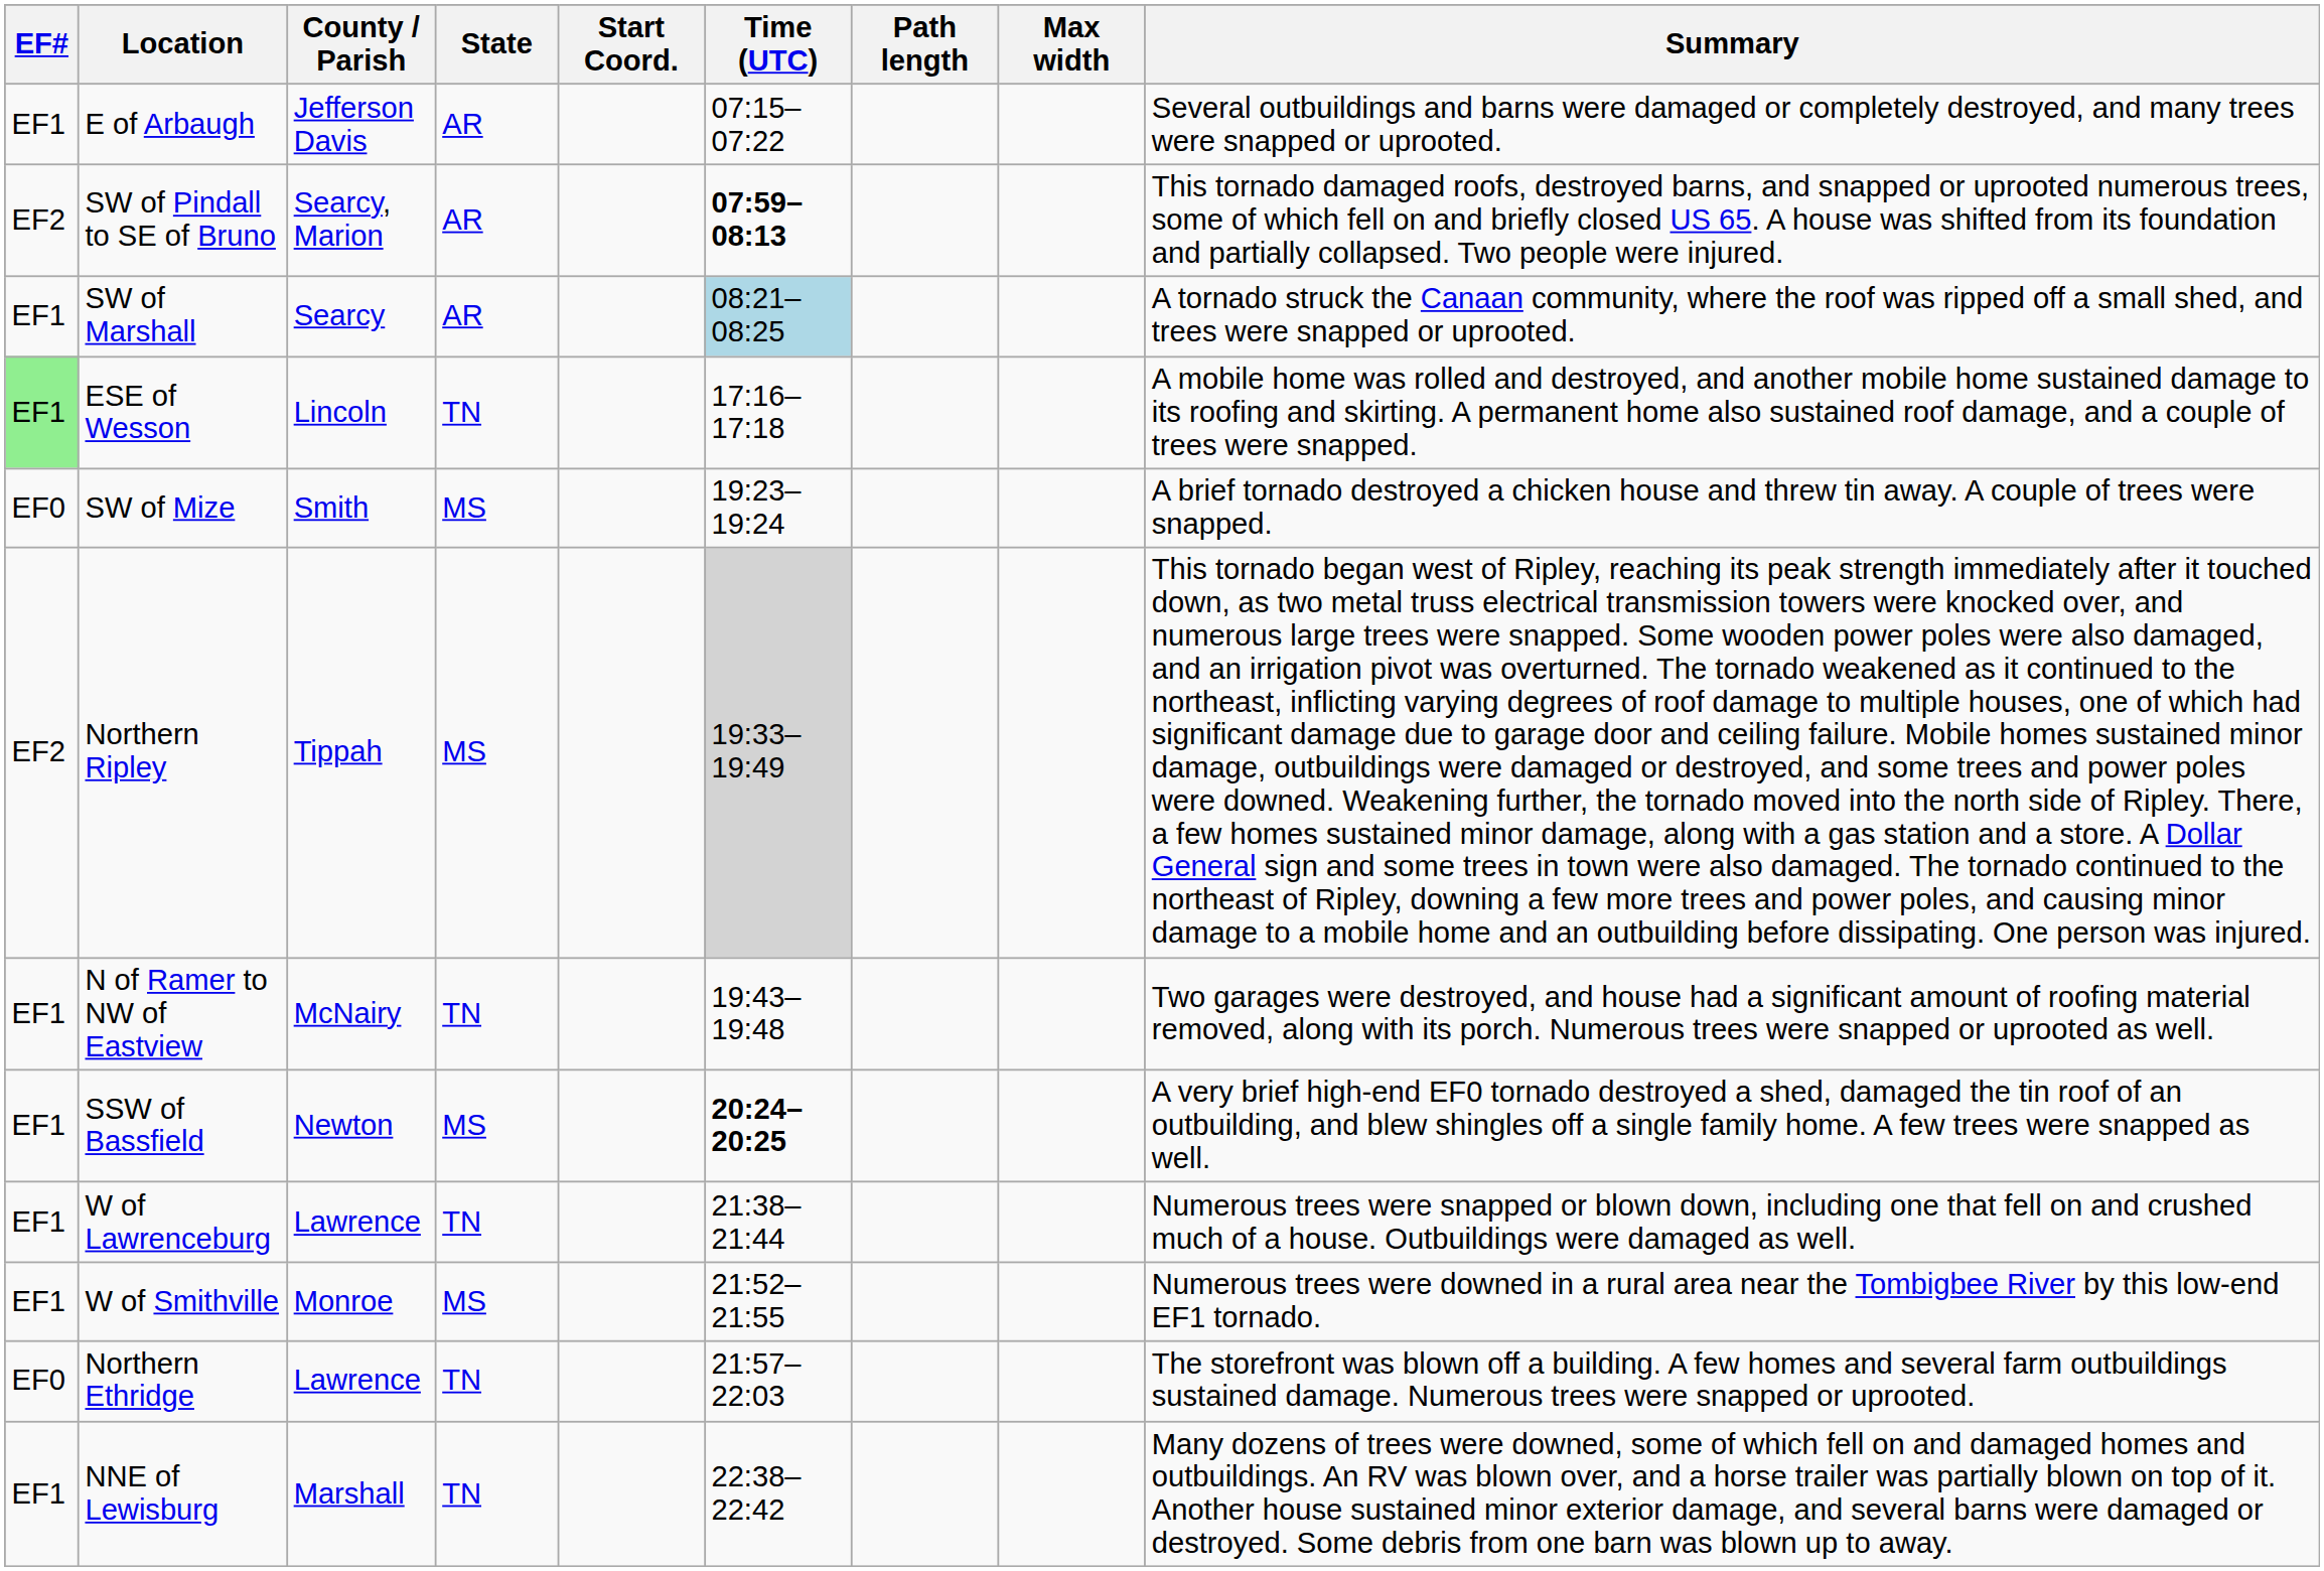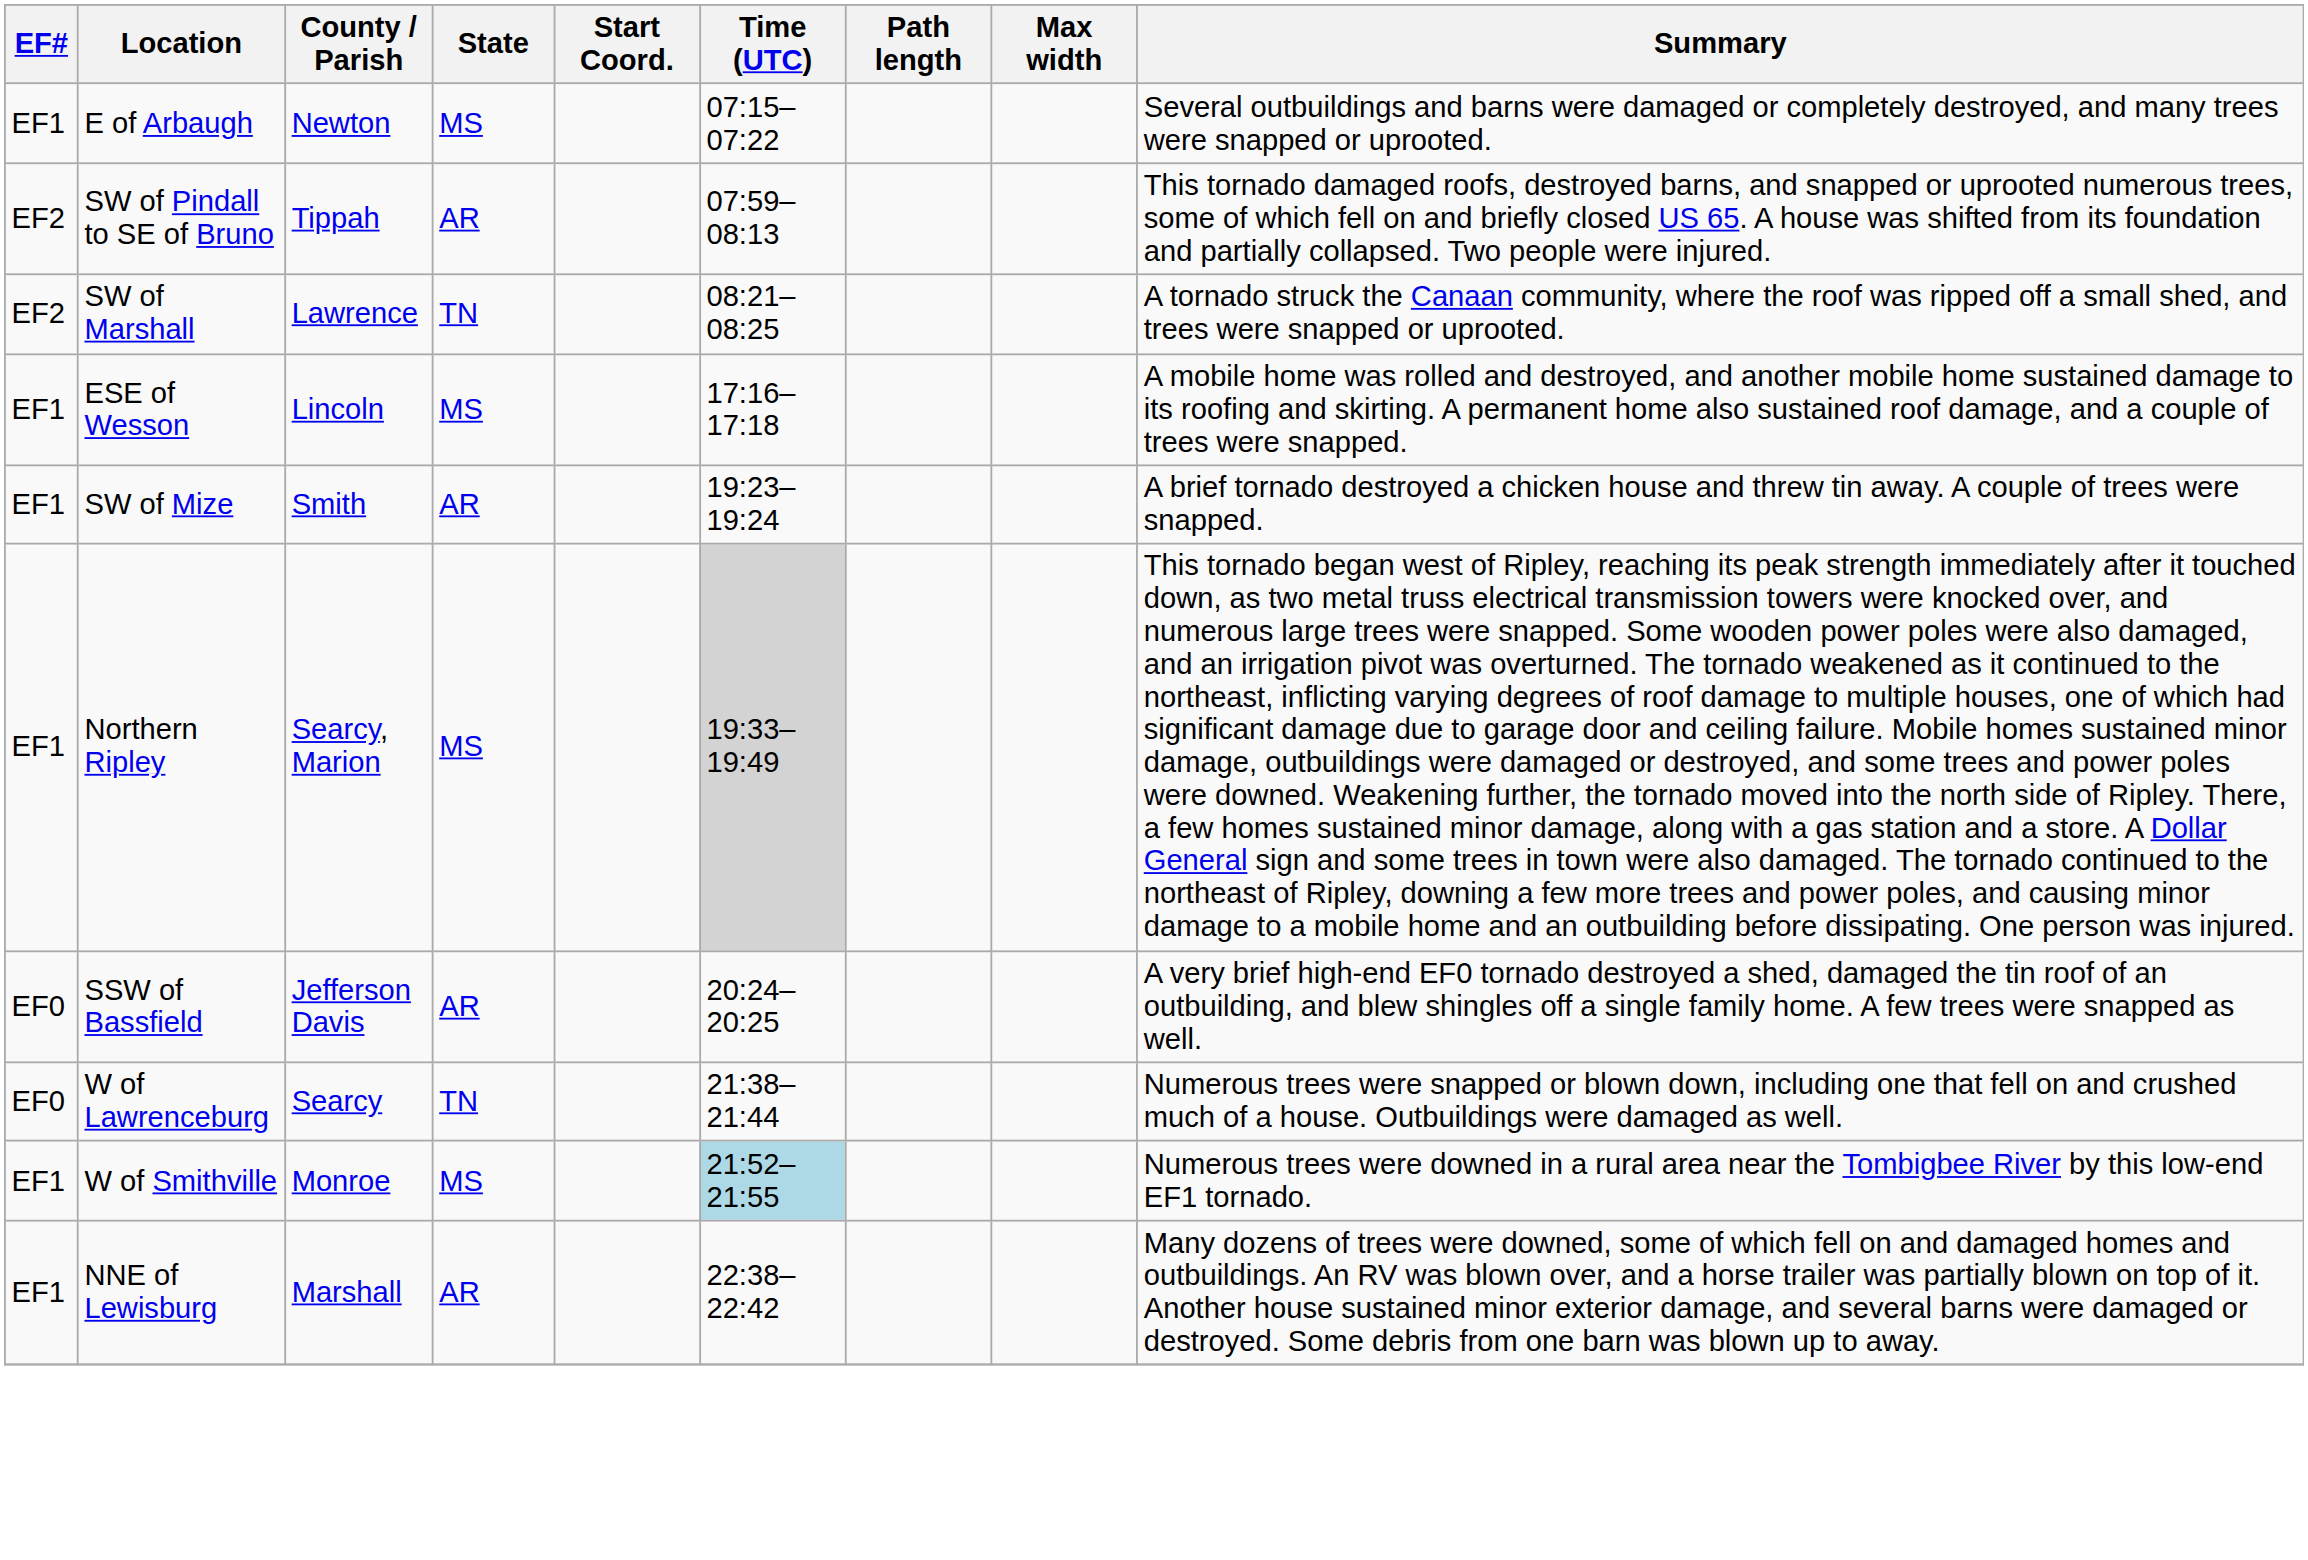 <table class="wikitable sortable" style="width:100%;">
 <tr>
 <th scope="col"  style="width:3%; text-align:center;"><a href='#'>EF#</a></th>
 <th scope="col"  style="width:7%; text-align:center;" class="unsortable">Location</th>
 <th scope="col"  style="width:6%; text-align:center;" class="unsortable">County / Parish</th>
 <th scope="col"  style="width:5%; text-align:center;">State</th>
 <th scope="col"  style="width:6%; text-align:center;">Start Coord.</th>
 <th scope="col"  style="width:6%; text-align:center;">Time (<a href='#'>UTC</a>)</th>
 <th scope="col"  style="width:6%; text-align:center;">Path length</th>
 <th scope="col"  style="width:6%; text-align:center;">Max width</th>
 <th scope="col" class="unsortable" style="width:48%; text-align:center;">Summary</th>
 </tr>
 <tr>
 <td>EF1</td>
 <td>E of <a href='#'>Arbaugh</a></td>
-<td><a href='#'>Jefferson Davis</a></td>
-<td><a href='#'>AR</a></td>
+<td><a href='#'>Newton</a></td>
+<td><a href='#'>MS</a></td>
 <td></td>
 <td>07:15–07:22</td>
 <td></td>
 <td></td>
 <td>Several outbuildings and barns were damaged or completely destroyed, and many trees were snapped or uprooted.</td>
 </tr>
 <tr>
 <td>EF2</td>
 <td>SW of <a href='#'>Pindall</a> to SE of <a href='#'>Bruno</a></td>
-<td><a href='#'>Searcy</a>,  <a href='#'>Marion</a></td>
+<td><a href='#'>Tippah</a></td>
 <td><a href='#'>AR</a></td>
 <td></td>
-<td><strong>07:59–08:13</strong></td>
+<td>07:59–08:13</td>
 <td></td>
 <td></td>
 <td>This tornado damaged roofs, destroyed barns, and snapped or uprooted numerous trees, some of which fell on and briefly closed <a href='#'>US 65</a>. A house was shifted from its foundation and partially collapsed. Two people were injured.</td>
 </tr>
 <tr>
-<td>EF1</td>
+<td>EF2</td>
 <td>SW of <a href='#'>Marshall</a></td>
-<td><a href='#'>Searcy</a></td>
-<td><a href='#'>AR</a></td>
+<td><a href='#'>Lawrence</a></td>
+<td><a href='#'>TN</a></td>
 <td></td>
-<td style="background: lightblue;">08:21–08:25</td>
+<td>08:21–08:25</td>
 <td></td>
 <td></td>
 <td>A tornado struck the <a href='#'>Canaan</a> community, where the roof was ripped off a small shed, and trees were snapped or uprooted.</td>
 </tr>
 <tr>
-<td style="background: lightgreen;">EF1</td>
+<td>EF1</td>
 <td>ESE of <a href='#'>Wesson</a></td>
 <td><a href='#'>Lincoln</a></td>
-<td><a href='#'>TN</a></td>
+<td><a href='#'>MS</a></td>
 <td></td>
 <td>17:16–17:18</td>
 <td></td>
 <td></td>
 <td>A mobile home was rolled and destroyed, and another mobile home sustained damage to its roofing and skirting. A permanent home also sustained roof damage, and a couple of trees were snapped.</td>
 </tr>
 <tr>
-<td>EF0</td>
+<td>EF1</td>
 <td>SW of <a href='#'>Mize</a></td>
 <td><a href='#'>Smith</a></td>
-<td><a href='#'>MS</a></td>
+<td><a href='#'>AR</a></td>
 <td></td>
 <td>19:23–19:24</td>
 <td></td>
 <td></td>
 <td>A brief tornado destroyed a chicken house and threw tin  away. A couple of trees were snapped.</td>
 </tr>
 <tr>
-<td>EF2</td>
+<td>EF1</td>
 <td>Northern <a href='#'>Ripley</a></td>
-<td><a href='#'>Tippah</a></td>
+<td><a href='#'>Searcy</a>,  <a href='#'>Marion</a></td>
 <td><a href='#'>MS</a></td>
 <td></td>
 <td style="background: lightgrey;">19:33–19:49</td>
 <td></td>
 <td></td>
 <td>This tornado began west of Ripley, reaching its peak strength immediately after it touched down, as two metal truss electrical transmission towers were knocked over, and numerous large trees were snapped. Some wooden power poles were also damaged, and an irrigation pivot was overturned. The tornado weakened as it continued to the northeast, inflicting varying degrees of roof damage to multiple houses, one of which had significant damage due to garage door and ceiling failure. Mobile homes sustained minor damage, outbuildings were damaged or destroyed, and some trees and power poles were downed. Weakening further, the tornado moved into the north side of Ripley. There, a few homes sustained minor damage, along with a gas station and a store. A <a href='#'>Dollar General</a> sign and some trees in town were also damaged. The tornado continued to the northeast of Ripley, downing a few more trees and power poles, and causing minor damage to a mobile home and an outbuilding before dissipating. One person was injured.</td>
 </tr>
 <tr>
-<td>EF1</td>
-<td>N of <a href='#'>Ramer</a> to NW of <a href='#'>Eastview</a></td>
-<td><a href='#'>McNairy</a></td>
-<td><a href='#'>TN</a></td>
+<td>EF0</td>
+<td>SSW of <a href='#'>Bassfield</a></td>
+<td><a href='#'>Jefferson Davis</a></td>
+<td><a href='#'>AR</a></td>
 <td></td>
-<td>19:43–19:48</td>
-<td></td>
-<td></td>
-<td>Two garages were destroyed, and house had a significant amount of roofing material removed, along with its porch. Numerous trees were snapped or uprooted as well.</td>
-</tr>
-<tr>
-<td>EF1</td>
-<td>SSW of <a href='#'>Bassfield</a></td>
-<td><a href='#'>Newton</a></td>
-<td><a href='#'>MS</a></td>
-<td></td>
-<td><strong>20:24–20:25</strong></td>
+<td>20:24–20:25</td>
 <td></td>
 <td></td>
 <td>A very brief high-end EF0 tornado destroyed a shed, damaged the tin roof of an outbuilding, and blew shingles off a single family home. A few trees were snapped as well.</td>
 </tr>
 <tr>
-<td>EF1</td>
+<td>EF0</td>
 <td>W of <a href='#'>Lawrenceburg</a></td>
-<td><a href='#'>Lawrence</a></td>
+<td><a href='#'>Searcy</a></td>
 <td><a href='#'>TN</a></td>
 <td></td>
 <td>21:38–21:44</td>
 <td></td>
 <td></td>
 <td>Numerous trees were snapped or blown down, including one that fell on and crushed much of a house. Outbuildings were damaged as well.</td>
 </tr>
 <tr>
 <td>EF1</td>
 <td>W of <a href='#'>Smithville</a></td>
 <td><a href='#'>Monroe</a></td>
 <td><a href='#'>MS</a></td>
 <td></td>
-<td>21:52–21:55</td>
+<td style="background: lightblue;">21:52–21:55</td>
 <td></td>
 <td></td>
 <td>Numerous trees were downed in a rural area near the <a href='#'>Tombigbee River</a> by this low-end EF1 tornado.</td>
 </tr>
 <tr>
-<td>EF0</td>
-<td>Northern <a href='#'>Ethridge</a></td>
-<td><a href='#'>Lawrence</a></td>
-<td><a href='#'>TN</a></td>
-<td></td>
-<td>21:57–22:03</td>
-<td></td>
-<td></td>
-<td>The storefront was blown off a building. A few homes and several farm outbuildings sustained damage. Numerous trees were snapped or uprooted.</td>
-</tr>
-<tr>
 <td>EF1</td>
 <td>NNE of <a href='#'>Lewisburg</a></td>
 <td><a href='#'>Marshall</a></td>
-<td><a href='#'>TN</a></td>
+<td><a href='#'>AR</a></td>
 <td></td>
 <td>22:38–22:42</td>
 <td></td>
 <td></td>
 <td>Many dozens of trees were downed, some of which fell on and damaged homes and outbuildings. An RV was blown over, and a horse trailer was partially blown on top of it. Another house sustained minor exterior damage, and several barns were damaged or destroyed. Some debris from one barn was blown up to  away.</td>
 </tr>
 <tr>
 </tr>
 </table>
